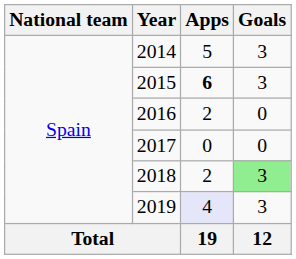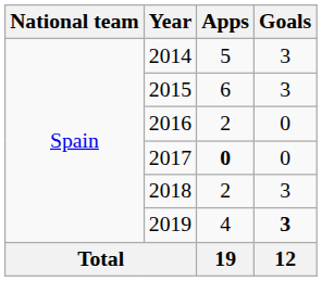 <table class="wikitable" style="text-align:center">
 <tr>
 <th>National team</th>
 <th>Year</th>
 <th>Apps</th>
 <th>Goals</th>
 </tr>
 <tr>
 <td rowspan="6"><a href='#'>Spain</a></td>
 <td>2014</td>
 <td>5</td>
 <td>3</td>
 </tr>
 <tr>
 <td>2015</td>
-<td><strong>6</strong></td>
+<td>6</td>
 <td>3</td>
 </tr>
 <tr>
 <td>2016</td>
 <td>2</td>
 <td>0</td>
 </tr>
 <tr>
 <td>2017</td>
-<td>0</td>
+<td><strong>0</strong></td>
 <td>0</td>
 </tr>
 <tr>
 <td>2018</td>
 <td>2</td>
-<td style="background: lightgreen;">3</td>
+<td>3</td>
 </tr>
 <tr>
 <td>2019</td>
-<td style="background: lavender;">4</td>
-<td>3</td>
+<td>4</td>
+<td><strong>3</strong></td>
 </tr>
 <tr>
 <th colspan="2">Total</th>
 <th>19</th>
 <th>12</th>
 </tr>
 </table>
